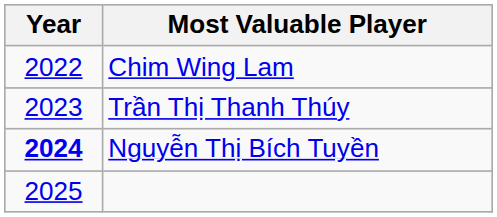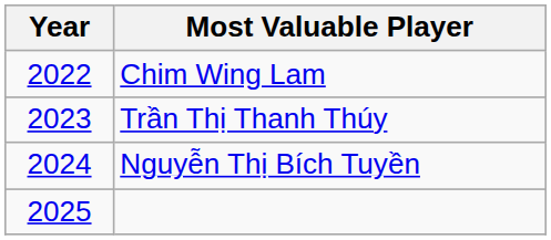 <table class="wikitable" style="width:300px;">
 <tr>
 <th width=20%>Year</th>
 <th width=80%>Most Valuable Player</th>
 </tr>
 <tr>
 <td align=center><a href='#'>2022</a></td>
 <td> <a href='#'>Chim Wing Lam</a></td>
 </tr>
 <tr>
 <td align=center><a href='#'>2023</a></td>
 <td> <a href='#'>Trần Thị Thanh Thúy</a></td>
 </tr>
 <tr>
-<td align=center><strong><a href='#'>2024</a></strong></td>
+<td align=center><a href='#'>2024</a></td>
 <td> <a href='#'>Nguyễn Thị Bích Tuyền</a></td>
 </tr>
 <tr>
 <td align=center><a href='#'>2025</a></td>
 <td></td>
 </tr>
 </table>
